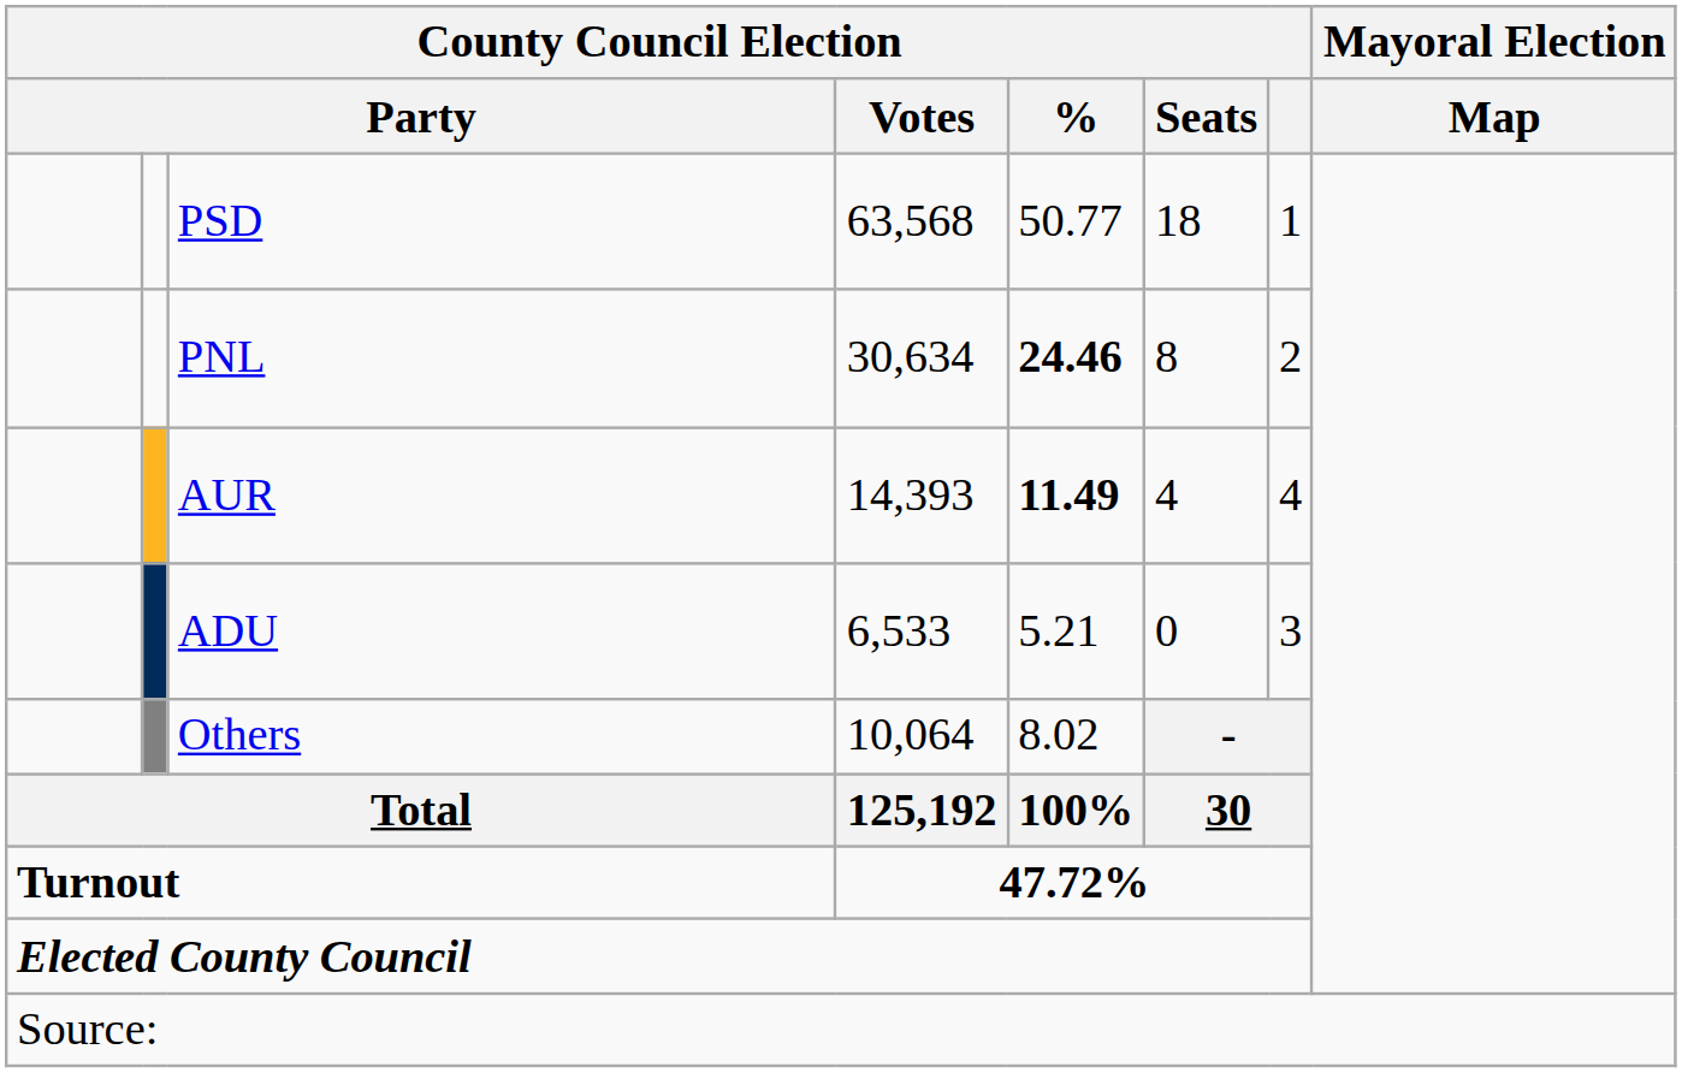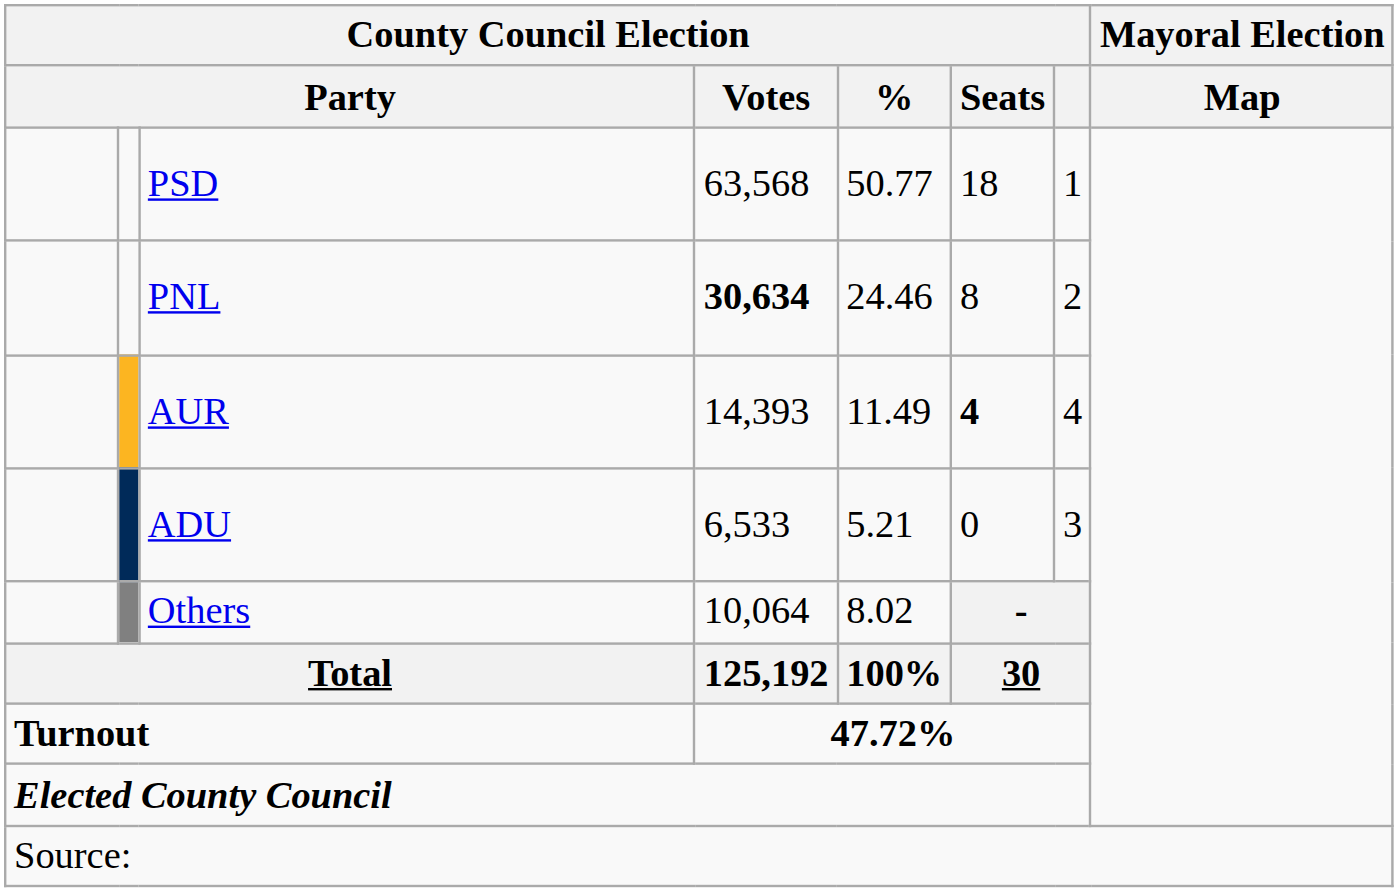 <table class="wikitable" style="text-align:left">
 <tr>
 <th colspan="7">County Council Election</th>
 <th>Mayoral Election</th>
 </tr>
 <tr>
 <th colspan="3" width="280">Party</th>
 <th>Votes</th>
 <th>%</th>
 <th>Seats</th>
 <th></th>
 <th>Map</th>
 </tr>
 <tr>
 <td width="40" height="40"></td>
 <td style="color:inherit;background:"></td>
 <td align="left"><a href='#'>PSD</a></td>
 <td>63,568</td>
 <td>50.77</td>
 <td>18</td>
 <td>1</td>
 <td rowspan="8"></td>
 </tr>
 <tr>
 <td height="40"></td>
 <td width="1" style="color:inherit;background:"></td>
 <td align="left"><a href='#'>PNL</a></td>
-<td>30,634</td>
-<td><strong>24.46</strong></td>
+<td><strong>30,634</strong></td>
+<td>24.46</td>
 <td>8</td>
 <td>2</td>
 </tr>
 <tr>
 <td height="40"></td>
 <td style="background:#FCB521;"></td>
 <td align="left"><a href='#'>AUR</a></td>
 <td>14,393</td>
-<td><strong>11.49</strong></td>
-<td>4</td>
+<td>11.49</td>
+<td><strong>4</strong></td>
 <td>4</td>
 </tr>
 <tr>
 <td height="40"></td>
 <td style="background:#002A59;"></td>
 <td align="left"><a href='#'>ADU</a></td>
 <td>6,533</td>
 <td>5.21</td>
 <td>0</td>
 <td>3</td>
 </tr>
 <tr>
 <td></td>
 <td style="background-color:Grey "></td>
 <td align="left"><a href='#'>Others</a></td>
 <td>10,064</td>
 <td>8.02</td>
 <th colspan="2">-</th>
 </tr>
 <tr>
 <th colspan="3"><strong><u>Total</u></strong></th>
 <th style="text-align:left">125,192</th>
 <th style="text-align:left">100%</th>
 <th colspan="2"><strong><u>30</u></strong></th>
 </tr>
 <tr>
 <td colspan="3"><strong>Turnout</strong></td>
 <td colspan="4" style="text-align: center"><strong>47.72%</strong></td>
 </tr>
 <tr>
 <td colspan="7"><strong><em>Elected County Council</em></strong></td>
 </tr>
 <tr>
 <td colspan="8">Source: </td>
 </tr>
 </table>
